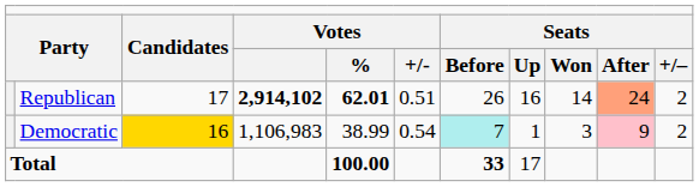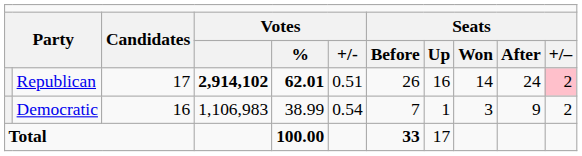 <table class="wikitable">
 <tr>
 <td colspan="14" align="center"></td>
 </tr>
 <tr>
 <th rowspan="2" colspan="2">Party</th>
 <th rowspan="2">Candidates</th>
 <th colspan="3">Votes</th>
 <th colspan="5">Seats</th>
 </tr>
 <tr>
 <th></th>
 <th>%</th>
 <th>+/-</th>
 <th>Before</th>
 <th>Up</th>
 <th>Won</th>
 <th>After</th>
 <th>+/–</th>
 </tr>
 <tr>
 <th style="background-color:"></th>
 <td><a href='#'>Republican</a></td>
 <td align="right">17</td>
 <td align="right"><strong>2,914,102</strong></td>
 <td align="right"><strong>62.01</strong></td>
 <td> 0.51</td>
 <td align="right" >26</td>
 <td align="right" >16</td>
 <td align="right" >14</td>
-<td align="right"  style="background: lightsalmon;">24</td>
-<td align="right"> 2</td>
+<td align="right" >24</td>
+<td align="right" style="background: pink;"> 2</td>
 </tr>
 <tr>
 <th style="background-color:"></th>
 <td><a href='#'>Democratic</a></td>
-<td align="right" style="background: gold;">16</td>
+<td align="right">16</td>
 <td align="right">1,106,983</td>
 <td align="right">38.99</td>
 <td> 0.54</td>
-<td align="right" style="background: paleturquoise;">7</td>
+<td align="right">7</td>
 <td align="right">1</td>
 <td align="right">3</td>
-<td align="right" style="background: pink;">9</td>
+<td align="right">9</td>
 <td align="right"> 2</td>
 </tr>
 <tr>
 <td colspan="3" align="left"><strong>Total</strong></td>
 <td align="right"></td>
 <td align="right"><strong>100.00</strong></td>
 <td></td>
 <td align="right"><strong>33</strong></td>
 <td align="right">17</td>
 <td align="right"></td>
 <td align="right"></td>
 <td align="right"></td>
 </tr>
 </table>
